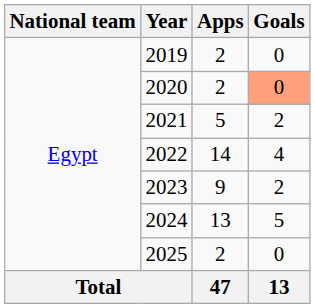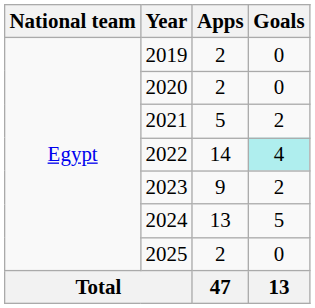 <table class="wikitable" style="text-align:center">
 <tr>
 <th>National team</th>
 <th>Year</th>
 <th>Apps</th>
 <th>Goals</th>
 </tr>
 <tr>
 <td rowspan="7"><a href='#'>Egypt</a></td>
 <td>2019</td>
 <td>2</td>
 <td>0</td>
 </tr>
 <tr>
 <td>2020</td>
 <td>2</td>
-<td style="background: lightsalmon;">0</td>
+<td>0</td>
 </tr>
 <tr>
 <td>2021</td>
 <td>5</td>
 <td>2</td>
 </tr>
 <tr>
 <td>2022</td>
 <td>14</td>
-<td>4</td>
+<td style="background: paleturquoise;">4</td>
 </tr>
 <tr>
 <td>2023</td>
 <td>9</td>
 <td>2</td>
 </tr>
 <tr>
 <td>2024</td>
 <td>13</td>
 <td>5</td>
 </tr>
 <tr>
 <td>2025</td>
 <td>2</td>
 <td>0</td>
 </tr>
 <tr>
 <th colspan="2">Total</th>
 <th>47</th>
 <th>13</th>
 </tr>
 </table>
